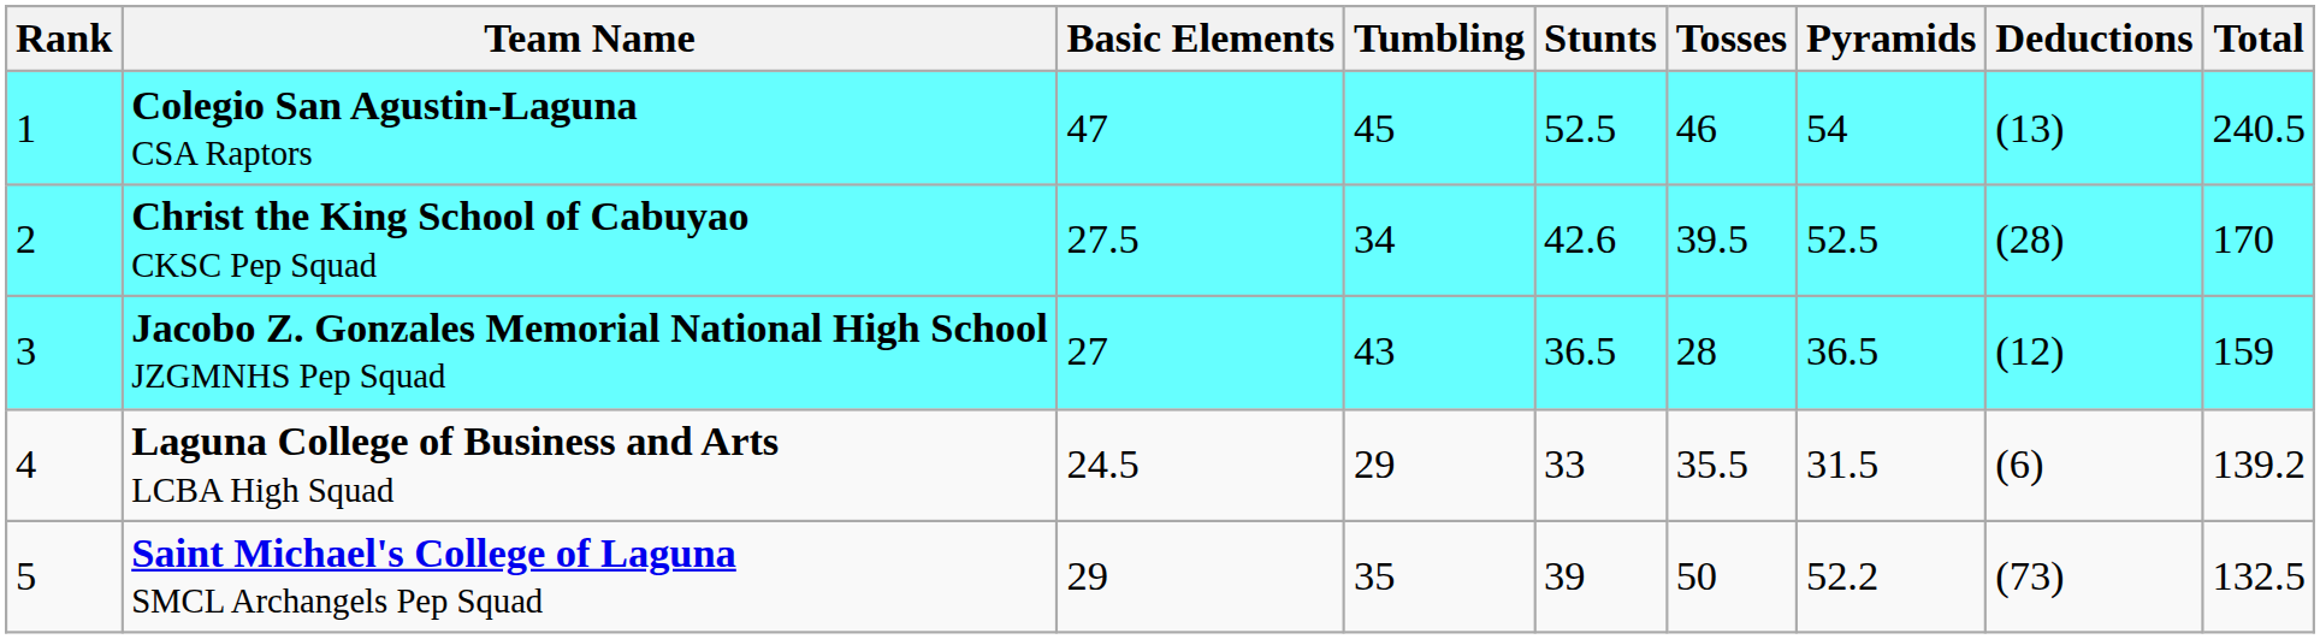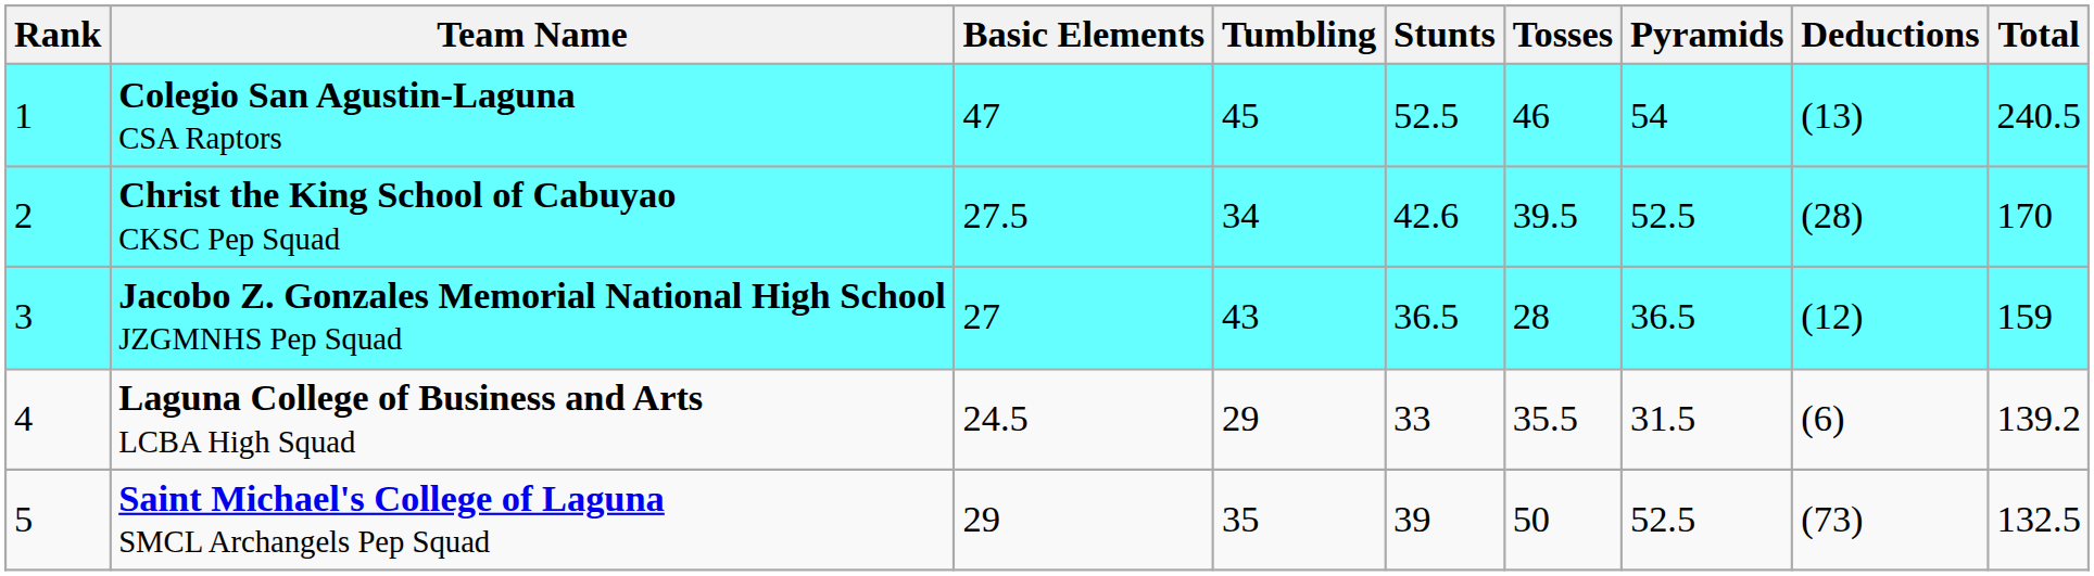 <table class="wikitable" style="text align: center">
 <tr bgcolor="#efefef">
 <th>Rank</th>
 <th>Team Name</th>
 <th>Basic Elements</th>
 <th>Tumbling</th>
 <th>Stunts</th>
 <th>Tosses</th>
 <th>Pyramids</th>
 <th>Deductions</th>
 <th>Total</th>
 </tr>
 <tr bgcolor="66FFFF">
 <td>1</td>
 <td><strong>Colegio San Agustin-Laguna</strong> <br> <small> CSA Raptors </small></td>
 <td>47</td>
 <td>45</td>
 <td>52.5</td>
 <td>46</td>
 <td>54</td>
 <td>(13)</td>
 <td>240.5</td>
 </tr>
 <tr bgcolor="66FFFF">
 <td>2</td>
 <td><strong>Christ the King School of Cabuyao</strong> <br> <small> CKSC Pep Squad </small></td>
 <td>27.5</td>
 <td>34</td>
 <td>42.6</td>
 <td>39.5</td>
 <td>52.5</td>
 <td>(28)</td>
 <td>170</td>
 </tr>
 <tr bgcolor="66FFFF">
 <td>3</td>
 <td><strong>Jacobo Z. Gonzales Memorial National High School</strong> <br> <small> JZGMNHS Pep Squad </small></td>
 <td>27</td>
 <td>43</td>
 <td>36.5</td>
 <td>28</td>
 <td>36.5</td>
 <td>(12)</td>
 <td>159</td>
 </tr>
 <tr>
 <td>4</td>
 <td><strong>Laguna College of Business and Arts</strong> <br> <small> LCBA High Squad </small></td>
 <td>24.5</td>
 <td>29</td>
 <td>33</td>
 <td>35.5</td>
 <td>31.5</td>
 <td>(6)</td>
 <td>139.2</td>
 </tr>
 <tr>
 <td>5</td>
 <td><strong><a href='#'>Saint Michael's College of Laguna</a></strong> <br> <small> SMCL Archangels Pep Squad </small></td>
 <td>29</td>
 <td>35</td>
 <td>39</td>
 <td>50</td>
-<td>52.2</td>
+<td>52.5</td>
 <td>(73)</td>
 <td>132.5</td>
 </tr>
 </table>
